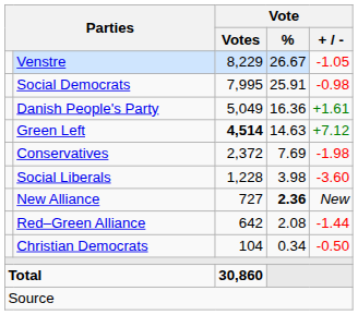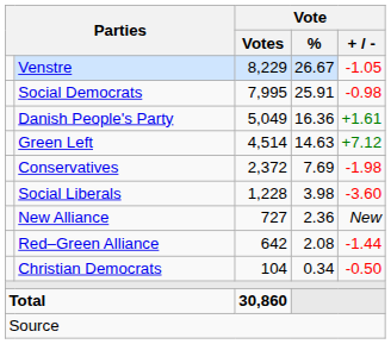 <table class="wikitable" style="text-align:right;">
 <tr>
 <th style="text-align:centre;" rowspan="2" colspan="2" width="225">Parties</th>
 <th colspan="3">Vote</th>
 </tr>
 <tr>
 <th width="15">Votes</th>
 <th width="15">%</th>
 <th width="15">+ / -</th>
 </tr>
 <tr>
 <td width="2" style="color:inherit;background:"></td>
 <td bgcolor=#cfe5fe  align="left"><a href='#'>Venstre</a></td>
 <td bgcolor=#cfe5fe>8,229</td>
 <td bgcolor=#cfe5fe>26.67</td>
 <td style=color:red;>-1.05</td>
 </tr>
 <tr>
 <td width="2" style="color:inherit;background:"></td>
 <td align="left"><a href='#'>Social Democrats</a></td>
 <td>7,995</td>
 <td>25.91</td>
 <td style=color:red;>-0.98</td>
 </tr>
 <tr>
 <td width="2" style="color:inherit;background:"></td>
 <td align="left"><a href='#'>Danish People's Party</a></td>
 <td>5,049</td>
 <td>16.36</td>
 <td style=color:green;>+1.61</td>
 </tr>
 <tr>
 <td width="2" style="color:inherit;background:"></td>
 <td align="left"><a href='#'>Green Left</a></td>
-<td><strong>4,514</strong></td>
+<td>4,514</td>
 <td>14.63</td>
 <td style=color:green;>+7.12</td>
 </tr>
 <tr>
 <td width="2" style="color:inherit;background:"></td>
 <td align="left"><a href='#'>Conservatives</a></td>
 <td>2,372</td>
 <td>7.69</td>
 <td style=color:red;>-1.98</td>
 </tr>
 <tr>
 <td width="2" style="color:inherit;background:"></td>
 <td align="left"><a href='#'>Social Liberals</a></td>
 <td>1,228</td>
 <td>3.98</td>
 <td style=color:red;>-3.60</td>
 </tr>
 <tr>
 <td width="2" style="color:inherit;background:"></td>
 <td align="left"><a href='#'>New Alliance</a></td>
 <td>727</td>
-<td><strong>2.36</strong></td>
+<td>2.36</td>
 <td><em>New</em></td>
 </tr>
 <tr>
 <td width="2" style="color:inherit;background:"></td>
 <td align="left"><a href='#'>Red–Green Alliance</a></td>
 <td>642</td>
 <td>2.08</td>
 <td style=color:red;>-1.44</td>
 </tr>
 <tr>
 <td width="2" style="color:inherit;background:"></td>
 <td align="left"><a href='#'>Christian Democrats</a></td>
 <td>104</td>
 <td>0.34</td>
 <td style=color:red;>-0.50</td>
 </tr>
 <tr>
 <td colspan="7" bgcolor="#E9E9E9"></td>
 </tr>
 <tr>
 <td align="left" colspan="2"><strong>Total</strong></td>
 <td><strong>30,860</strong></td>
 <td bgcolor="#E9E9E9" colspan="2"></td>
 </tr>
 <tr>
 <td align="left" colspan="6">Source</td>
 </tr>
 </table>
